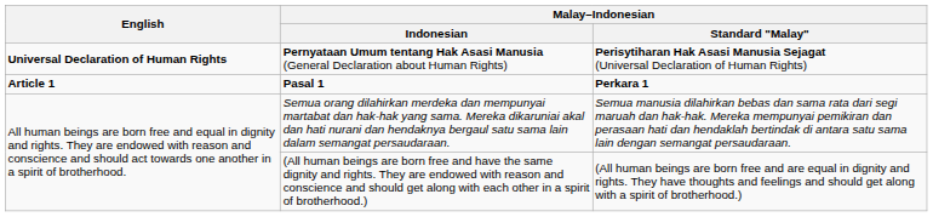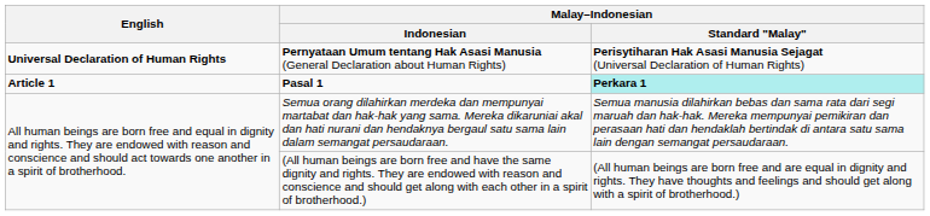 <table class="wikitable">
 <tr>
 <th rowspan="2">English</th>
 <th colspan="2">Malay–Indonesian</th>
 </tr>
 <tr>
 <th>Indonesian</th>
 <th>Standard "Malay"</th>
 </tr>
 <tr>
 <td><strong>Universal Declaration of Human Rights</strong></td>
 <td><strong>Pernyataan Umum tentang Hak Asasi Manusia</strong><br>(General Declaration about Human Rights)</td>
 <td><strong>Perisytiharan Hak Asasi Manusia Sejagat</strong><br>(Universal Declaration of Human Rights)</td>
 </tr>
 <tr>
 <td><strong>Article 1</strong></td>
 <td><strong>Pasal 1</strong></td>
-<td><strong>Perkara 1</strong></td>
+<td style="background: paleturquoise;"><strong>Perkara 1</strong></td>
 </tr>
 <tr>
 <td rowspan="2">All human beings are born free and equal in dignity and rights. They are endowed with reason and conscience and should act towards one another in a spirit of brotherhood.</td>
 <td><em>Semua orang dilahirkan merdeka dan mempunyai martabat dan hak-hak yang sama. Mereka dikaruniai akal dan hati nurani dan hendaknya bergaul satu sama lain dalam semangat persaudaraan.</em></td>
 <td><em>Semua manusia dilahirkan bebas dan sama rata dari segi maruah dan hak-hak. Mereka mempunyai pemikiran dan perasaan hati dan hendaklah bertindak di antara satu sama lain dengan semangat persaudaraan.</em></td>
 </tr>
 <tr>
 <td>(All human beings are born free and have the same dignity and rights. They are endowed with reason and conscience and should get along with each other in a spirit of brotherhood.)</td>
 <td>(All human beings are born free and are equal in dignity and rights. They have thoughts and feelings and should get along with a spirit of brotherhood.)</td>
 </tr>
 </table>
